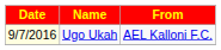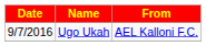 <table class="wikitable sortable">
 <tr>
 <th style="background:Red; color:yellow;">Date</th>
 <th style="background:Red; color:yellow;">Name</th>
 <th style="background:Red; color:yellow;">From</th>
 </tr>
 <tr>
-<td style="background: lightyellow;">9/7/2016</td>
+<td>9/7/2016</td>
 <td> <a href='#'>Ugo Ukah</a></td>
 <td> <a href='#'>AEL Kalloni F.C.</a></td>
 </tr>
 <tr>
 </tr>
 </table>
